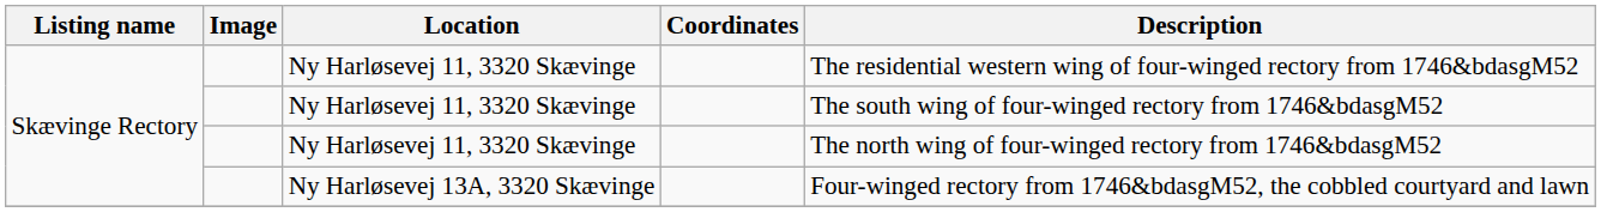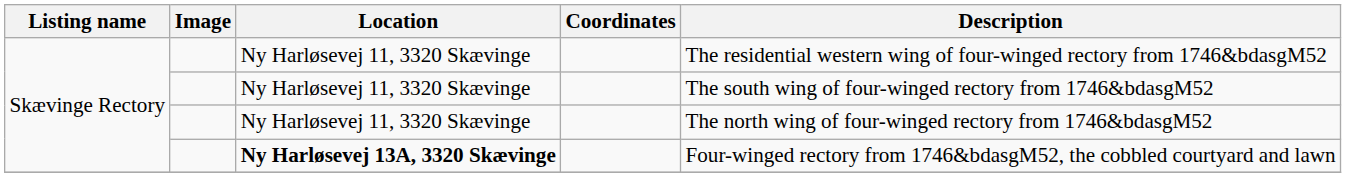 <table class="wikitable sortable">
 <tr>
 <th>Listing name</th>
 <th>Image</th>
 <th>Location</th>
 <th>Coordinates</th>
 <th>Description</th>
 </tr>
 <tr>
 <td rowspan="4">Skævinge Rectory</td>
 <td></td>
 <td>Ny Harløsevej 11, 3320 Skævinge</td>
 <td></td>
 <td>The residential western wing of four-winged rectory from 1746&bdasgM52</td>
 </tr>
 <tr>
 <td></td>
 <td>Ny Harløsevej 11, 3320 Skævinge</td>
 <td></td>
 <td>The south wing of four-winged rectory from 1746&bdasgM52</td>
 </tr>
 <tr>
 <td></td>
 <td>Ny Harløsevej 11, 3320 Skævinge</td>
 <td></td>
 <td>The north wing of four-winged rectory from 1746&bdasgM52</td>
 </tr>
 <tr>
 <td></td>
-<td>Ny Harløsevej 13A, 3320 Skævinge</td>
+<td><strong>Ny Harløsevej 13A, 3320 Skævinge</strong></td>
 <td></td>
 <td>Four-winged rectory from 1746&bdasgM52, the cobbled courtyard and lawn </td>
 </tr>
 <tr>
 </tr>
 </table>
